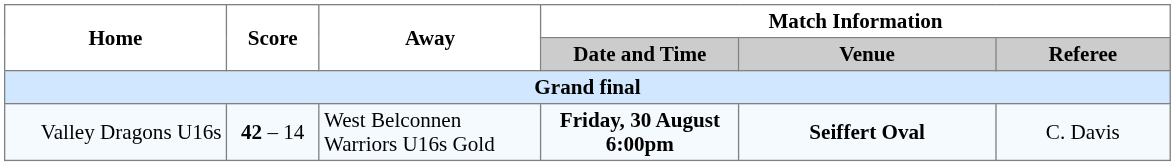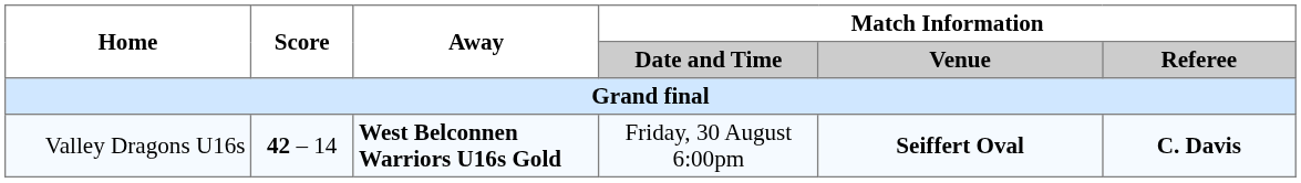 <table border="1" cellpadding="3" cellspacing="0" width="100%" style="border-collapse:collapse;  text-align:center;">
 <tr>
 <th rowspan="2" width="19%">Home</th>
 <th rowspan="2" width="8%">Score</th>
 <th rowspan="2" width="19%">Away</th>
 <th colspan="3">Match Information</th>
 </tr>
 <tr bgcolor="#CCCCCC">
 <th width="17%">Date and Time</th>
 <th width="22%">Venue</th>
 <th width="50%">Referee</th>
 </tr>
 <tr style="background:#d0e7ff;">
 <td colspan="6"><strong>Grand final</strong></td>
 </tr>
 <tr style="text-align:center; background:#f5faff;">
 <td align="right">Valley Dragons U16s </td>
 <td><strong>42</strong> – 14</td>
-<td align="left"> West Belconnen Warriors U16s Gold</td>
-<td><strong>Friday, 30 August 6:00pm</strong></td>
+<td align="left"><strong> West Belconnen Warriors U16s Gold</strong></td>
+<td>Friday, 30 August 6:00pm</td>
 <td><strong>Seiffert Oval</strong></td>
-<td>C. Davis</td>
+<td><strong>C. Davis</strong></td>
 </tr>
 </table>
